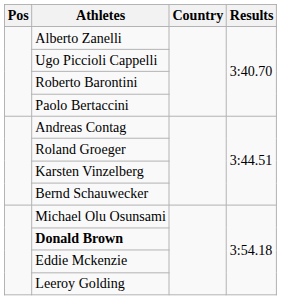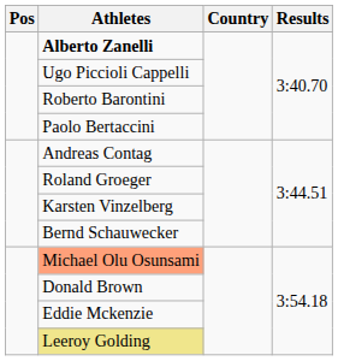 <table class="wikitable">
 <tr>
 <th>Pos</th>
 <th>Athletes</th>
 <th>Country</th>
 <th>Results</th>
 </tr>
 <tr>
 <td rowspan="4"></td>
-<td>Alberto Zanelli</td>
+<td><strong>Alberto Zanelli</strong></td>
 <td rowspan="4"></td>
 <td rowspan="4">3:40.70</td>
 </tr>
 <tr>
 <td>Ugo Piccioli Cappelli</td>
 </tr>
 <tr>
 <td>Roberto Barontini</td>
 </tr>
 <tr>
 <td>Paolo Bertaccini</td>
 </tr>
 <tr>
 <td rowspan="4"></td>
 <td>Andreas Contag</td>
 <td rowspan="4"></td>
 <td rowspan="4">3:44.51</td>
 </tr>
 <tr>
 <td>Roland Groeger</td>
 </tr>
 <tr>
 <td>Karsten Vinzelberg</td>
 </tr>
 <tr>
 <td>Bernd Schauwecker</td>
 </tr>
 <tr>
 <td rowspan="4"></td>
-<td>Michael Olu Osunsami</td>
+<td style="background: lightsalmon;">Michael Olu Osunsami</td>
 <td rowspan="4"></td>
 <td rowspan="4">3:54.18</td>
 </tr>
 <tr>
-<td><strong>Donald Brown</strong></td>
+<td>Donald Brown</td>
 </tr>
 <tr>
 <td>Eddie Mckenzie</td>
 </tr>
 <tr>
-<td>Leeroy Golding</td>
+<td style="background: khaki;">Leeroy Golding</td>
 </tr>
 </table>
